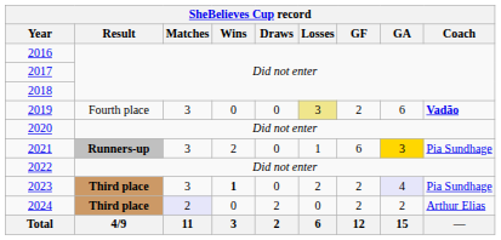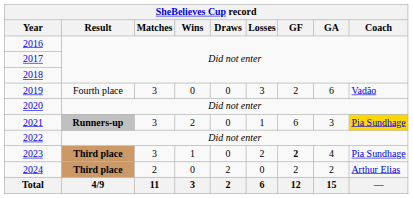 <table class="wikitable"  style="text-align:center; ">
 <tr>
 <th colspan=9> <a href='#'>SheBelieves Cup</a> record</th>
 </tr>
 <tr>
 <th width=85>Year</th>
 <th width=110>Result</th>
 <th>Matches</th>
 <th width=50>Wins</th>
 <th width=50>Draws</th>
 <th>Losses</th>
 <th width=50>GF</th>
 <th width=50>GA</th>
 <th>Coach</th>
 </tr>
 <tr>
 <td><a href='#'>2016</a></td>
 <td colspan=8 rowspan=3><em>Did not enter</em></td>
 </tr>
 <tr>
 <td><a href='#'>2017</a></td>
 </tr>
 <tr>
 <td><a href='#'>2018</a></td>
 </tr>
 <tr>
 <td><a href='#'>2019</a></td>
 <td>Fourth place</td>
 <td>3</td>
 <td>0</td>
 <td>0</td>
-<td style="background: khaki;">3</td>
+<td>3</td>
 <td>2</td>
 <td>6</td>
-<td align="left"><strong> <a href='#'>Vadão</a></strong></td>
+<td align="left"> <a href='#'>Vadão</a></td>
 </tr>
 <tr>
 <td><a href='#'>2020</a></td>
 <td colspan=8><em>Did not enter</em></td>
 </tr>
 <tr>
 <td><a href='#'>2021</a></td>
 <td bgcolor=silver><strong>Runners-up</strong></td>
 <td>3</td>
 <td>2</td>
 <td>0</td>
 <td>1</td>
 <td>6</td>
-<td style="background: gold;">3</td>
-<td align="left"> <a href='#'>Pia Sundhage</a></td>
+<td>3</td>
+<td align="left" style="background: gold;"> <a href='#'>Pia Sundhage</a></td>
 </tr>
 <tr>
 <td><a href='#'>2022</a></td>
 <td colspan=8><em>Did not enter</em></td>
 </tr>
 <tr>
 <td><a href='#'>2023</a></td>
 <td bgcolor=#c96><strong>Third place</strong></td>
 <td>3</td>
-<td><strong>1</strong></td>
+<td>1</td>
 <td>0</td>
 <td>2</td>
-<td>2</td>
-<td style="background: lavender;">4</td>
+<td><strong>2</strong></td>
+<td>4</td>
 <td align="left"> <a href='#'>Pia Sundhage</a></td>
 </tr>
 <tr>
 <td><a href='#'>2024</a></td>
 <td bgcolor=#c96><strong>Third place</strong></td>
-<td style="background: lavender;">2</td>
+<td>2</td>
 <td>0</td>
 <td>2</td>
 <td>0</td>
 <td>2</td>
 <td>2</td>
 <td align="left"> <a href='#'>Arthur Elias</a></td>
 </tr>
 <tr class=sortbottom style="font-weight:bold;">
 <th>Total</th>
 <th>4/9</th>
 <th>11</th>
 <th>3</th>
 <th>2</th>
 <th>6</th>
 <th>12</th>
 <th>15</th>
 <th>—</th>
 </tr>
 </table>
